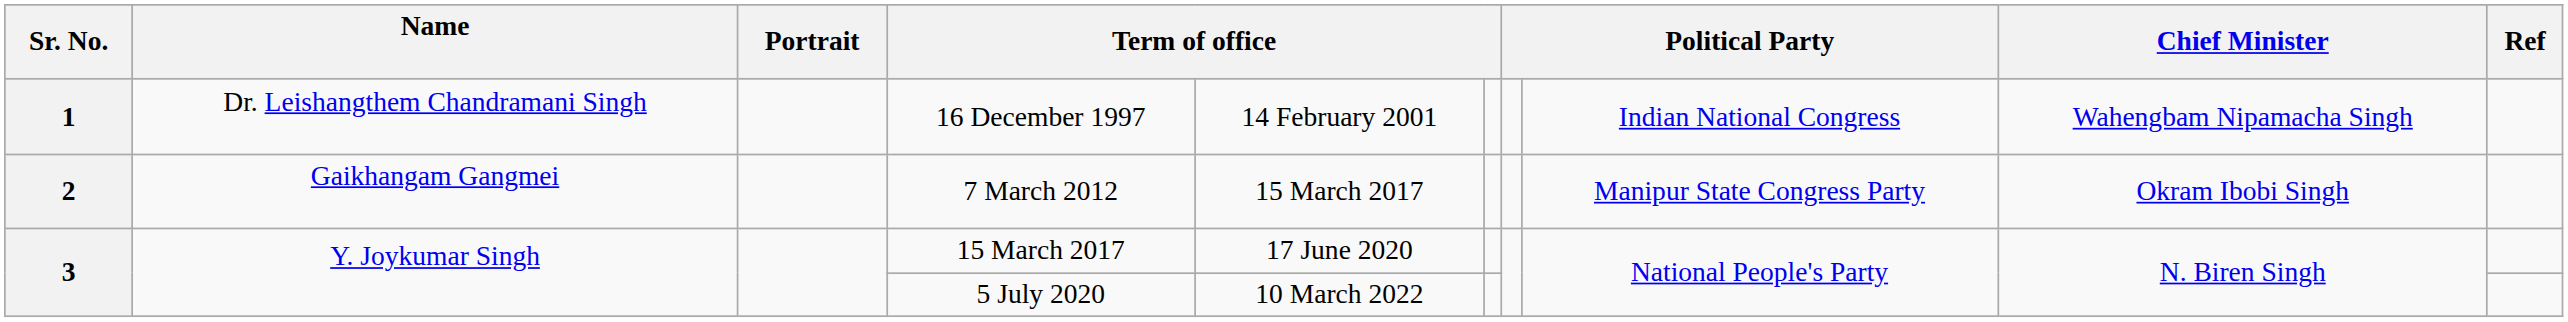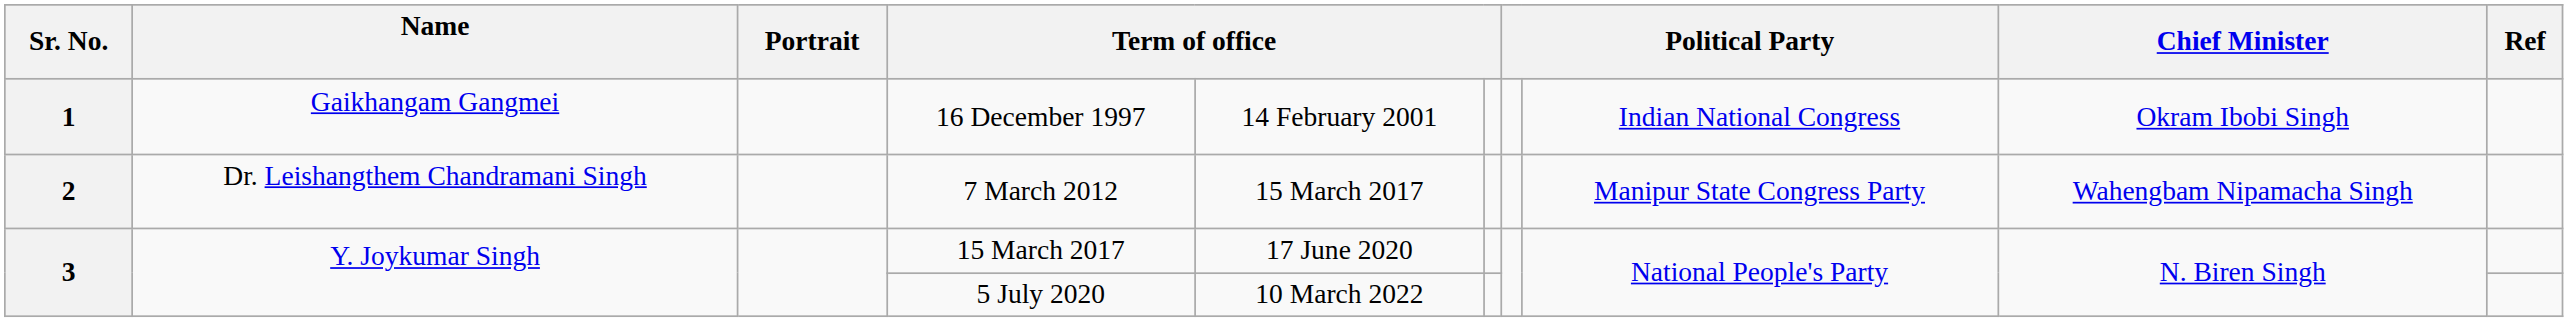 <table class="wikitable" style="width:75%; text-align:center">
 <tr>
 <th>Sr. No.</th>
 <th>Name<br><br></th>
 <th>Portrait</th>
 <th colspan=3>Term of office</th>
 <th colspan=2>Political Party</th>
 <th><a href='#'>Chief Minister</a></th>
 <th>Ref</th>
 </tr>
 <tr>
 <th>1</th>
-<td>Dr. <a href='#'>Leishangthem Chandramani Singh</a><br><br></td>
+<td><a href='#'>Gaikhangam Gangmei</a><br><br></td>
 <td></td>
 <td>16 December 1997</td>
 <td>14 February 2001</td>
 <td></td>
 <td width="4px" style="background-color: "></td>
 <td><a href='#'>Indian National Congress</a></td>
-<td><a href='#'>Wahengbam Nipamacha Singh</a></td>
+<td><a href='#'>Okram Ibobi Singh</a></td>
 <td></td>
 </tr>
 <tr>
 <th>2</th>
-<td><a href='#'>Gaikhangam Gangmei</a><br><br></td>
+<td>Dr. <a href='#'>Leishangthem Chandramani Singh</a><br><br></td>
 <td></td>
 <td>7 March 2012</td>
 <td>15 March 2017</td>
 <td></td>
 <td width="4px" style="background-color: "></td>
 <td><a href='#'>Manipur State Congress Party</a></td>
-<td><a href='#'>Okram Ibobi Singh</a></td>
+<td><a href='#'>Wahengbam Nipamacha Singh</a></td>
 <td></td>
 </tr>
 <tr>
 <th rowspan=2>3</th>
 <td rowspan=2><a href='#'>Y. Joykumar Singh</a><br><br></td>
 <td rowspan=2></td>
 <td>15 March 2017</td>
 <td>17 June 2020</td>
 <td></td>
 <td rowspan=2 width="4px" style="background-color: "></td>
 <td rowspan=2><a href='#'>National People's Party</a></td>
 <td rowspan=2><a href='#'>N. Biren Singh</a></td>
 <td><br></td>
 </tr>
 <tr>
 <td>5 July 2020</td>
 <td>10 March 2022</td>
 <td></td>
 <td></td>
 </tr>
 </table>
